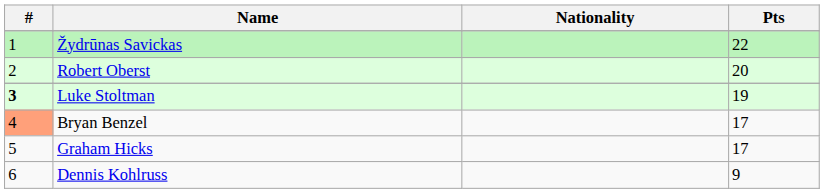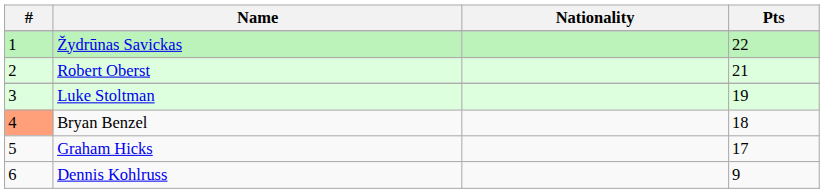 <table class="wikitable" style="display: inline-table;width: 50%;">
 <tr>
 <th>#</th>
 <th>Name</th>
 <th>Nationality</th>
 <th>Pts</th>
 </tr>
 <tr>
 </tr>
 <tr bgcolor=bbf3bb>
 <td>1</td>
 <td><a href='#'>Žydrūnas Savickas</a></td>
 <td></td>
 <td>22</td>
 </tr>
 <tr>
 </tr>
 <tr bgcolor=ddffdd>
 <td>2</td>
 <td><a href='#'>Robert Oberst</a></td>
 <td></td>
-<td>20</td>
+<td>21</td>
 </tr>
 <tr>
 </tr>
 <tr bgcolor=ddffdd>
-<td><strong>3</strong></td>
+<td>3</td>
 <td><a href='#'>Luke Stoltman</a></td>
 <td></td>
 <td>19</td>
 </tr>
 <tr>
 <td style="background: lightsalmon;">4</td>
 <td>Bryan Benzel</td>
 <td></td>
-<td>17</td>
+<td>18</td>
 </tr>
 <tr>
 <td>5</td>
 <td><a href='#'>Graham Hicks</a></td>
 <td></td>
 <td>17</td>
 </tr>
 <tr>
 <td>6</td>
 <td><a href='#'>Dennis Kohlruss</a></td>
 <td></td>
 <td>9</td>
 </tr>
 </table>
